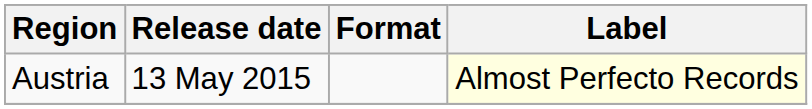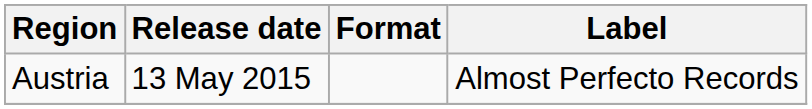 <table class="wikitable">
 <tr>
 <th>Region</th>
 <th>Release date</th>
 <th>Format</th>
 <th>Label</th>
 </tr>
 <tr>
 <td>Austria</td>
 <td>13 May 2015</td>
 <td></td>
-<td style="background: lightyellow;">Almost Perfecto Records</td>
+<td>Almost Perfecto Records</td>
 </tr>
 <tr>
 </tr>
 </table>
